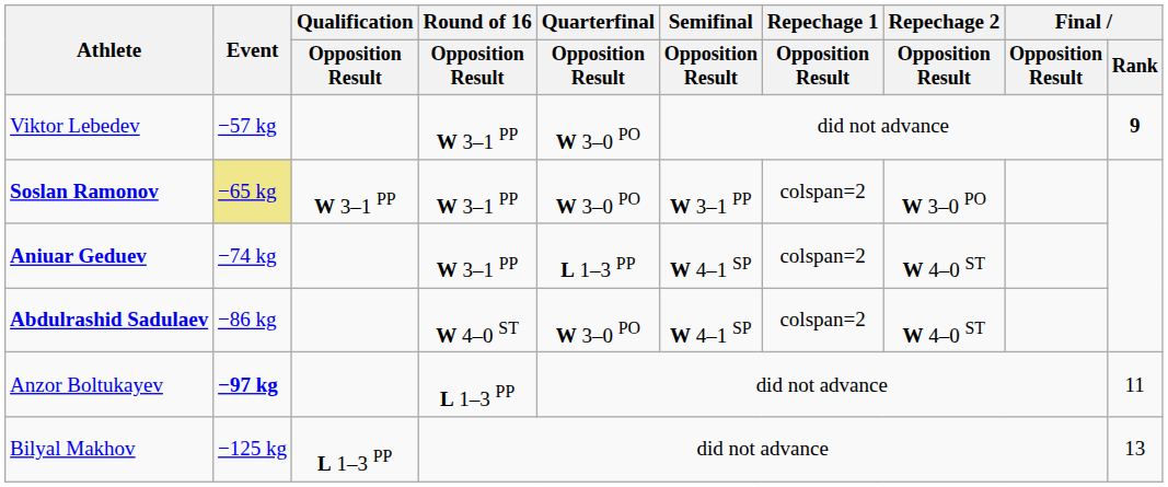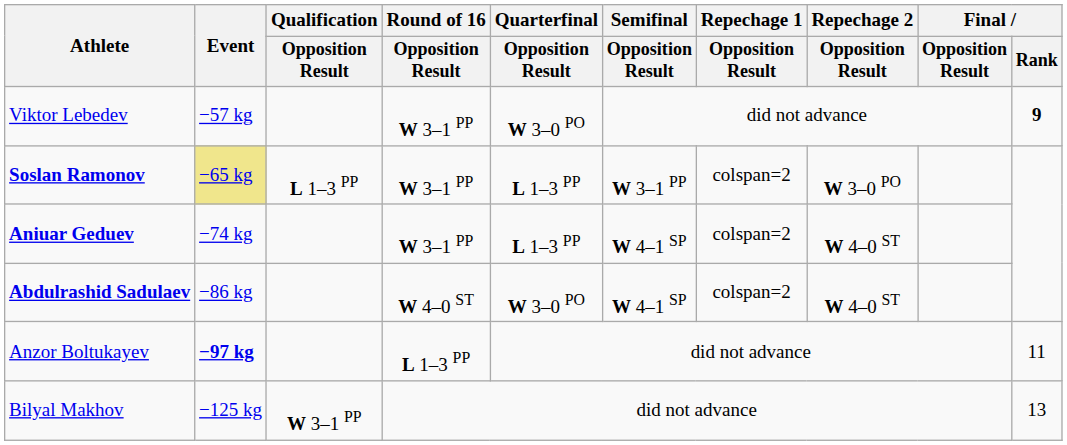 <table class="wikitable" style="font-size:90%">
 <tr>
 <th rowspan=2>Athlete</th>
 <th rowspan=2>Event</th>
 <th>Qualification</th>
 <th>Round of 16</th>
 <th>Quarterfinal</th>
 <th>Semifinal</th>
 <th>Repechage 1</th>
 <th>Repechage 2</th>
 <th colspan=2>Final / </th>
 </tr>
 <tr style="font-size: 95%">
 <th>Opposition<br>Result</th>
 <th>Opposition<br>Result</th>
 <th>Opposition<br>Result</th>
 <th>Opposition<br>Result</th>
 <th>Opposition<br>Result</th>
 <th>Opposition<br>Result</th>
 <th>Opposition<br>Result</th>
 <th>Rank</th>
 </tr>
 <tr align=center>
 <td align=left><a href='#'>Viktor Lebedev</a></td>
 <td align=left><a href='#'>−57 kg</a></td>
 <td></td>
 <td><br><strong>W</strong> 3–1 <sup>PP</sup></td>
 <td> <br><strong>W</strong> 3–0 <sup>PO</sup></td>
 <td colspan=4>did not advance</td>
 <td><strong>9</strong></td>
 </tr>
 <tr align=center>
 <td align=left><strong><a href='#'>Soslan Ramonov</a></strong></td>
 <td align=left style="background: khaki;"><a href='#'>−65 kg</a></td>
+<td><br><strong>L</strong> 1–3 <sup>PP</sup></td>
 <td><br><strong>W</strong> 3–1 <sup>PP</sup></td>
-<td><br><strong>W</strong> 3–1 <sup>PP</sup></td>
-<td><br><strong>W</strong> 3–0 <sup>PO</sup></td>
+<td><br><strong>L</strong> 1–3 <sup>PP</sup></td>
 <td><br><strong>W</strong> 3–1 <sup>PP</sup></td>
 <td>colspan=2 </td>
 <td><br><strong>W</strong> 3–0 <sup>PO</sup></td>
 <td></td>
 </tr>
 <tr align=center>
 <td align=left><strong><a href='#'>Aniuar Geduev</a></strong></td>
 <td align=left><a href='#'>−74 kg</a></td>
 <td></td>
 <td><br><strong>W</strong> 3–1 <sup>PP</sup></td>
 <td><br><strong>L</strong> 1–3 <sup>PP</sup></td>
 <td><br><strong>W</strong> 4–1 <sup>SP</sup></td>
 <td>colspan=2 </td>
 <td><br><strong>W</strong> 4–0 <sup>ST</sup></td>
 <td></td>
 </tr>
 <tr align=center>
 <td align=left><strong><a href='#'>Abdulrashid Sadulaev</a></strong></td>
 <td align=left><a href='#'>−86 kg</a></td>
 <td></td>
 <td><br><strong>W</strong> 4–0 <sup>ST</sup></td>
 <td> <br><strong>W</strong> 3–0 <sup>PO</sup></td>
 <td><br><strong>W</strong> 4–1 <sup>SP</sup></td>
 <td>colspan=2 </td>
 <td><br><strong>W</strong> 4–0 <sup>ST</sup></td>
 <td></td>
 </tr>
 <tr align=center>
 <td align=left><a href='#'>Anzor Boltukayev</a></td>
 <td align=left><strong><a href='#'>−97 kg</a></strong></td>
 <td></td>
 <td><br><strong>L</strong> 1–3 <sup>PP</sup></td>
 <td colspan=5>did not advance</td>
 <td>11</td>
 </tr>
 <tr align=center>
 <td align=left><a href='#'>Bilyal Makhov</a></td>
 <td align=left><a href='#'>−125 kg</a></td>
-<td><br><strong>L</strong> 1–3 <sup>PP</sup></td>
+<td><br><strong>W</strong> 3–1 <sup>PP</sup></td>
 <td colspan=6>did not advance</td>
 <td>13</td>
 </tr>
 </table>
